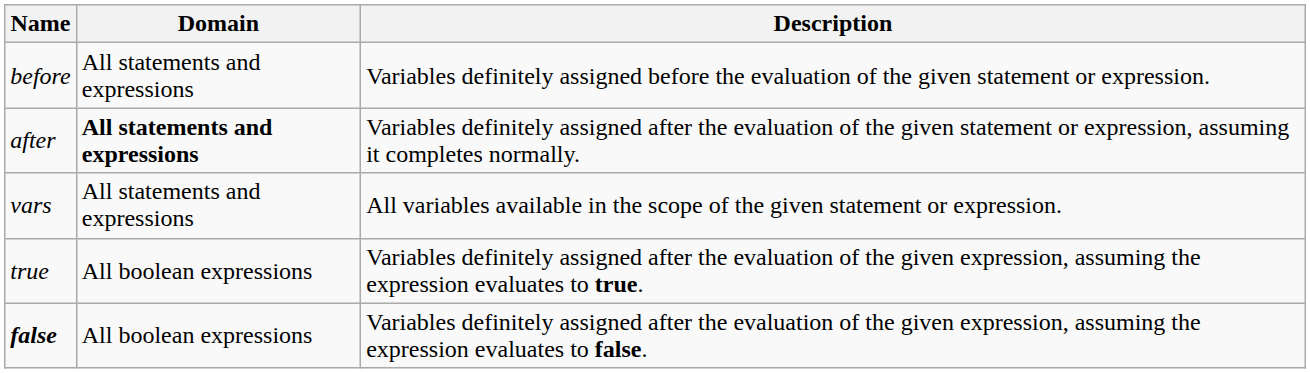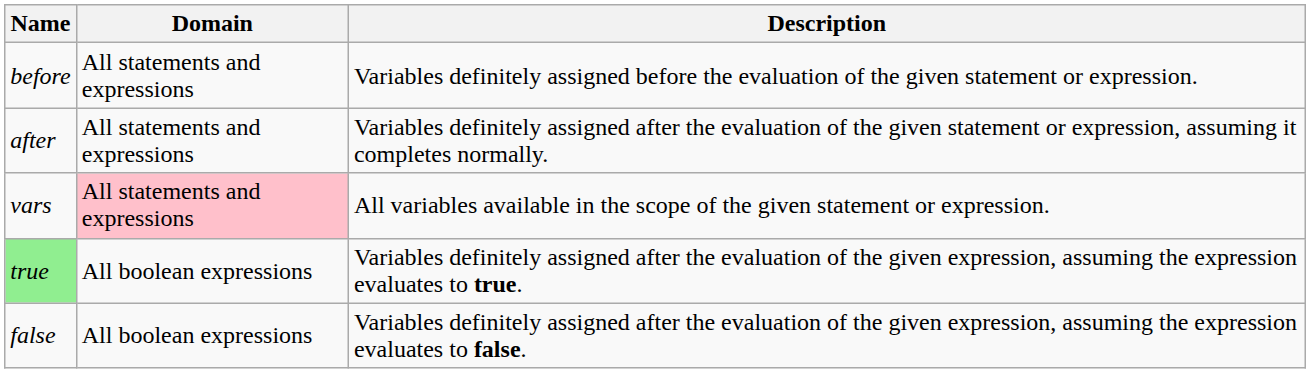 <table class="wikitable">
 <tr>
 <th>Name</th>
 <th>Domain</th>
 <th>Description</th>
 </tr>
 <tr>
 <td><em>before</em></td>
 <td>All statements and expressions</td>
 <td>Variables definitely assigned before the evaluation of the given statement or expression.</td>
 </tr>
 <tr>
 <td><em>after</em></td>
-<td><strong>All statements and expressions</strong></td>
+<td>All statements and expressions</td>
 <td>Variables definitely assigned after the evaluation of the given statement or expression, assuming it completes normally.</td>
 </tr>
 <tr>
 <td><em>vars</em></td>
-<td>All statements and expressions</td>
+<td style="background: pink;">All statements and expressions</td>
 <td>All variables available in the scope of the given statement or expression.</td>
 </tr>
 <tr>
-<td><em>true</em></td>
+<td style="background: lightgreen;"><em>true</em></td>
 <td>All boolean expressions</td>
 <td>Variables definitely assigned after the evaluation of the given expression, assuming the expression evaluates to <strong>true</strong>.</td>
 </tr>
 <tr>
-<td><strong><em>false</em></strong></td>
+<td><em>false</em></td>
 <td>All boolean expressions</td>
 <td>Variables definitely assigned after the evaluation of the given expression, assuming the expression evaluates to <strong>false</strong>.</td>
 </tr>
 </table>
